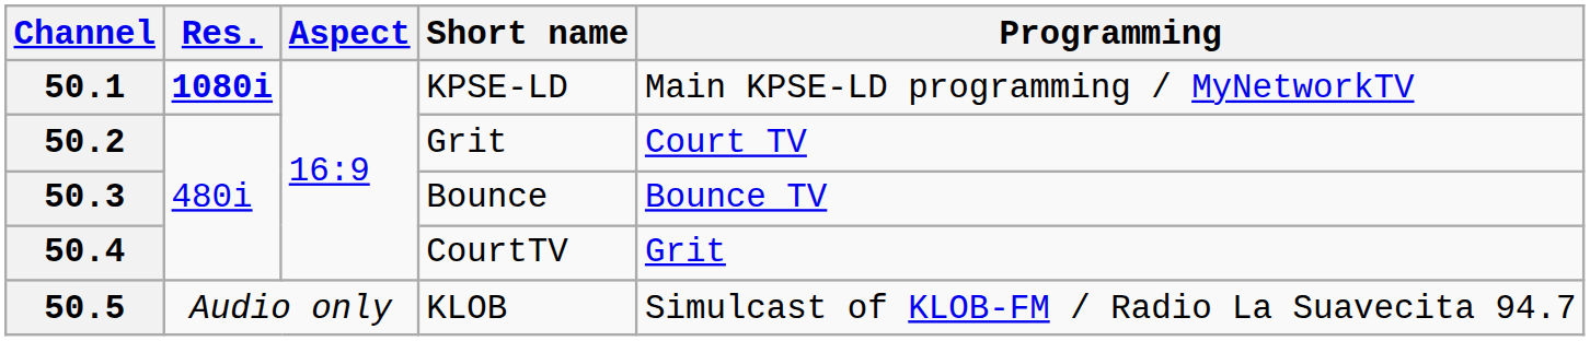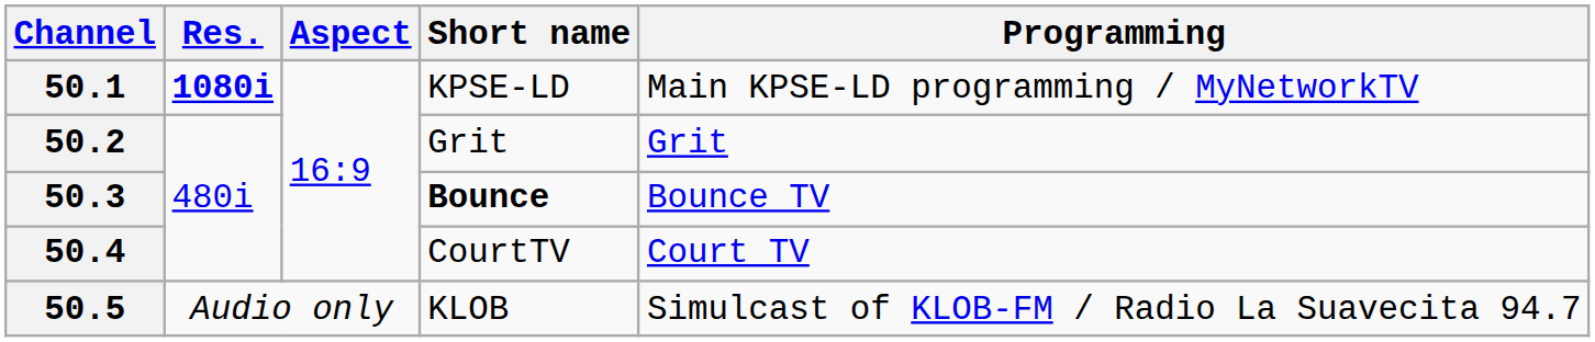 <table class="wikitable">
 <tr>
 <th><a href='#'>Channel</a></th>
 <th><a href='#'>Res.</a></th>
 <th><a href='#'>Aspect</a></th>
 <th>Short name</th>
 <th>Programming</th>
 </tr>
 <tr>
 <th scope = "row">50.1</th>
 <td><strong><a href='#'>1080i</a></strong></td>
 <td rowspan="4"><a href='#'>16:9</a></td>
 <td>KPSE-LD</td>
 <td>Main KPSE-LD programming / <a href='#'>MyNetworkTV</a></td>
 </tr>
 <tr>
 <th scope = "row">50.2</th>
 <td rowspan="3"><a href='#'>480i</a></td>
 <td>Grit</td>
-<td><a href='#'>Court TV</a></td>
+<td><a href='#'>Grit</a></td>
 </tr>
 <tr>
 <th scope = "row">50.3</th>
-<td>Bounce</td>
+<td><strong>Bounce</strong></td>
 <td><a href='#'>Bounce TV</a></td>
 </tr>
 <tr>
 <th scope = "row">50.4</th>
 <td>CourtTV</td>
-<td><a href='#'>Grit</a></td>
+<td><a href='#'>Court TV</a></td>
 </tr>
 <tr>
 <th scope = "row">50.5</th>
 <td colspan="2" style="text-align: center;"><em>Audio only</em></td>
 <td>KLOB</td>
 <td>Simulcast of <a href='#'>KLOB-FM</a> / Radio La Suavecita 94.7</td>
 </tr>
 </table>
